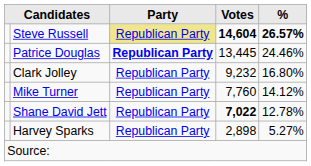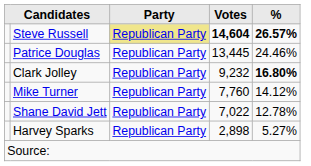 <table class=wikitable style="font-size:95%; text-align:right;">
 <tr>
 <th style="background-color:#E9E9E9" align=center colspan=2>Candidates</th>
 <th style="background-color:#E9E9E9" align=center>Party</th>
 <th style="background-color:#E9E9E9" align=center>Votes</th>
 <th style="background-color:#E9E9E9" align=center>%</th>
 </tr>
 <tr>
 <td></td>
 <td align=left><a href='#'>Steve Russell</a></td>
 <td align=center style="background: khaki;"><a href='#'>Republican Party</a></td>
 <td><strong>14,604</strong></td>
 <td><strong>26.57%</strong></td>
 </tr>
 <tr>
 <td></td>
 <td align=left><a href='#'>Patrice Douglas</a></td>
-<td align=center><strong><a href='#'>Republican Party</a></strong></td>
+<td align=center><a href='#'>Republican Party</a></td>
 <td>13,445</td>
 <td>24.46%</td>
 </tr>
 <tr>
 <td></td>
 <td align=left>Clark Jolley</td>
 <td align=center><a href='#'>Republican Party</a></td>
 <td>9,232</td>
-<td>16.80%</td>
+<td><strong>16.80%</strong></td>
 </tr>
 <tr>
 <td></td>
 <td align=left><a href='#'>Mike Turner</a></td>
 <td align=center><a href='#'>Republican Party</a></td>
 <td>7,760</td>
 <td>14.12%</td>
 </tr>
 <tr>
 <td></td>
 <td align=left><a href='#'>Shane David Jett</a></td>
 <td align=center><a href='#'>Republican Party</a></td>
-<td><strong>7,022</strong></td>
+<td>7,022</td>
 <td>12.78%</td>
 </tr>
 <tr>
 <td></td>
 <td align=left>Harvey Sparks</td>
 <td align=center><a href='#'>Republican Party</a></td>
 <td>2,898</td>
 <td>5.27%</td>
 </tr>
 <tr>
 <td align="left" colspan=6>Source:</td>
 </tr>
 </table>
